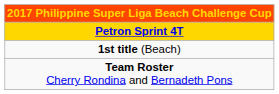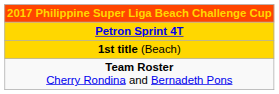 <table class=wikitable style="text-align:center; margin:auto;">
 <tr>
 <th style="background:#FF4500; color:#FFD700;">2017 Philippine Super Liga Beach Challenge Cup</th>
 </tr>
 <tr bgcolor="gold">
 <td><strong><a href='#'>Petron Sprint 4T</a></strong></td>
 </tr>
 <tr>
-<td><strong>1st title</strong> (Beach)</td>
+<td style="background: gold;"><strong>1st title</strong> (Beach)</td>
 </tr>
 <tr>
 <td><strong>Team Roster</strong><br><a href='#'>Cherry Rondina</a> and <a href='#'>Bernadeth Pons</a></td>
 </tr>
 </table>
